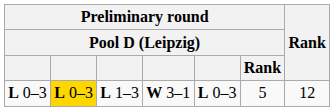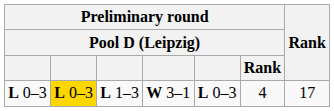 <table class="wikitable" style="font-size:100%;">
 <tr>
 <th colspan=6>Preliminary round</th>
 <th rowspan=3>Rank</th>
 </tr>
 <tr>
 <th colspan=6>Pool D (Leipzig)</th>
 </tr>
 <tr>
 <th></th>
 <th></th>
 <th></th>
 <th></th>
 <th></th>
 <th>Rank</th>
 </tr>
 <tr align=center>
 <td><strong>L</strong> 0–3</td>
 <td style="background: gold;"><strong>L</strong> 0–3</td>
 <td><strong>L</strong> 1–3</td>
 <td><strong>W</strong> 3–1</td>
 <td><strong>L</strong> 0–3</td>
-<td>5</td>
-<td>12</td>
+<td>4</td>
+<td>17</td>
 </tr>
 </table>
